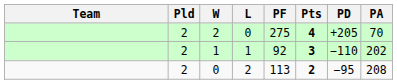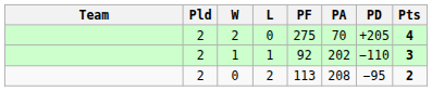 <table class=wikitable style="text-align:center">
 <tr>
 <th width=180>Team</th>
 <th width=30>Pld</th>
 <th width=30>W</th>
 <th width=30>L</th>
 <th width=30>PF</th>
+<th width=30>PA</th>
+<th width=30>PD</th>
 <th width=30>Pts</th>
-<th width=30>PD</th>
-<th width=30>PA</th>
 </tr>
 <tr bgcolor="#ccffcc">
 <td align="left"></td>
 <td>2</td>
 <td>2</td>
 <td>0</td>
 <td>275</td>
+<td>70</td>
+<td>+205</td>
 <td><strong>4</strong></td>
-<td>+205</td>
-<td>70</td>
 </tr>
 <tr bgcolor="#ccffcc">
 <td align="left"></td>
 <td>2</td>
 <td>1</td>
 <td>1</td>
 <td>92</td>
+<td>202</td>
+<td>−110</td>
 <td><strong>3</strong></td>
-<td>−110</td>
-<td>202</td>
 </tr>
 <tr>
 <td align="left"></td>
 <td>2</td>
 <td>0</td>
 <td>2</td>
 <td>113</td>
+<td>208</td>
+<td>−95</td>
 <td><strong>2</strong></td>
-<td>−95</td>
-<td>208</td>
 </tr>
 </table>
